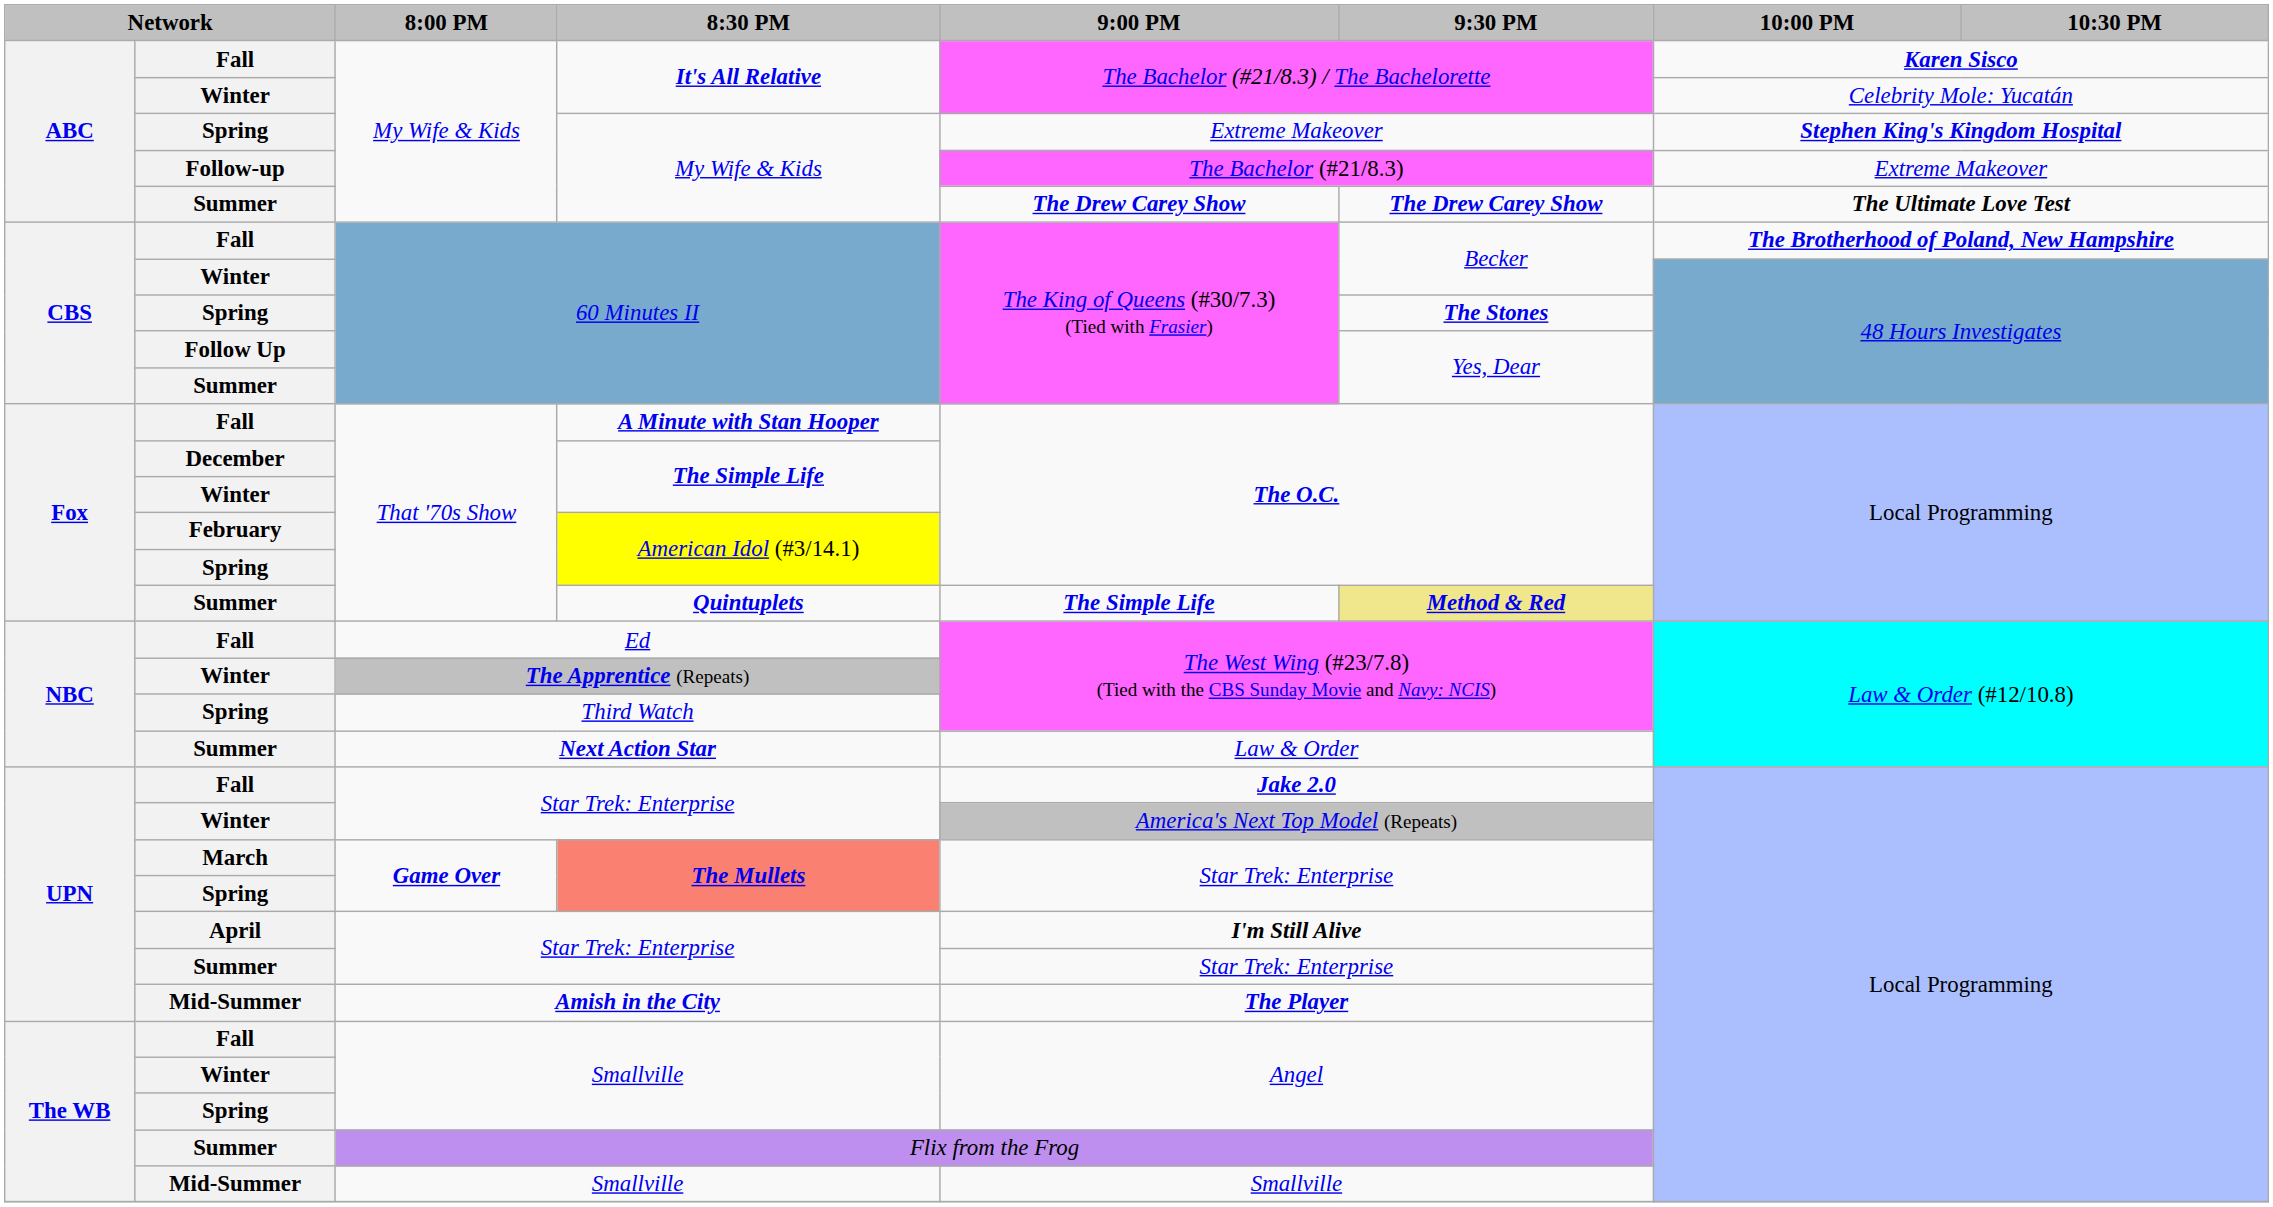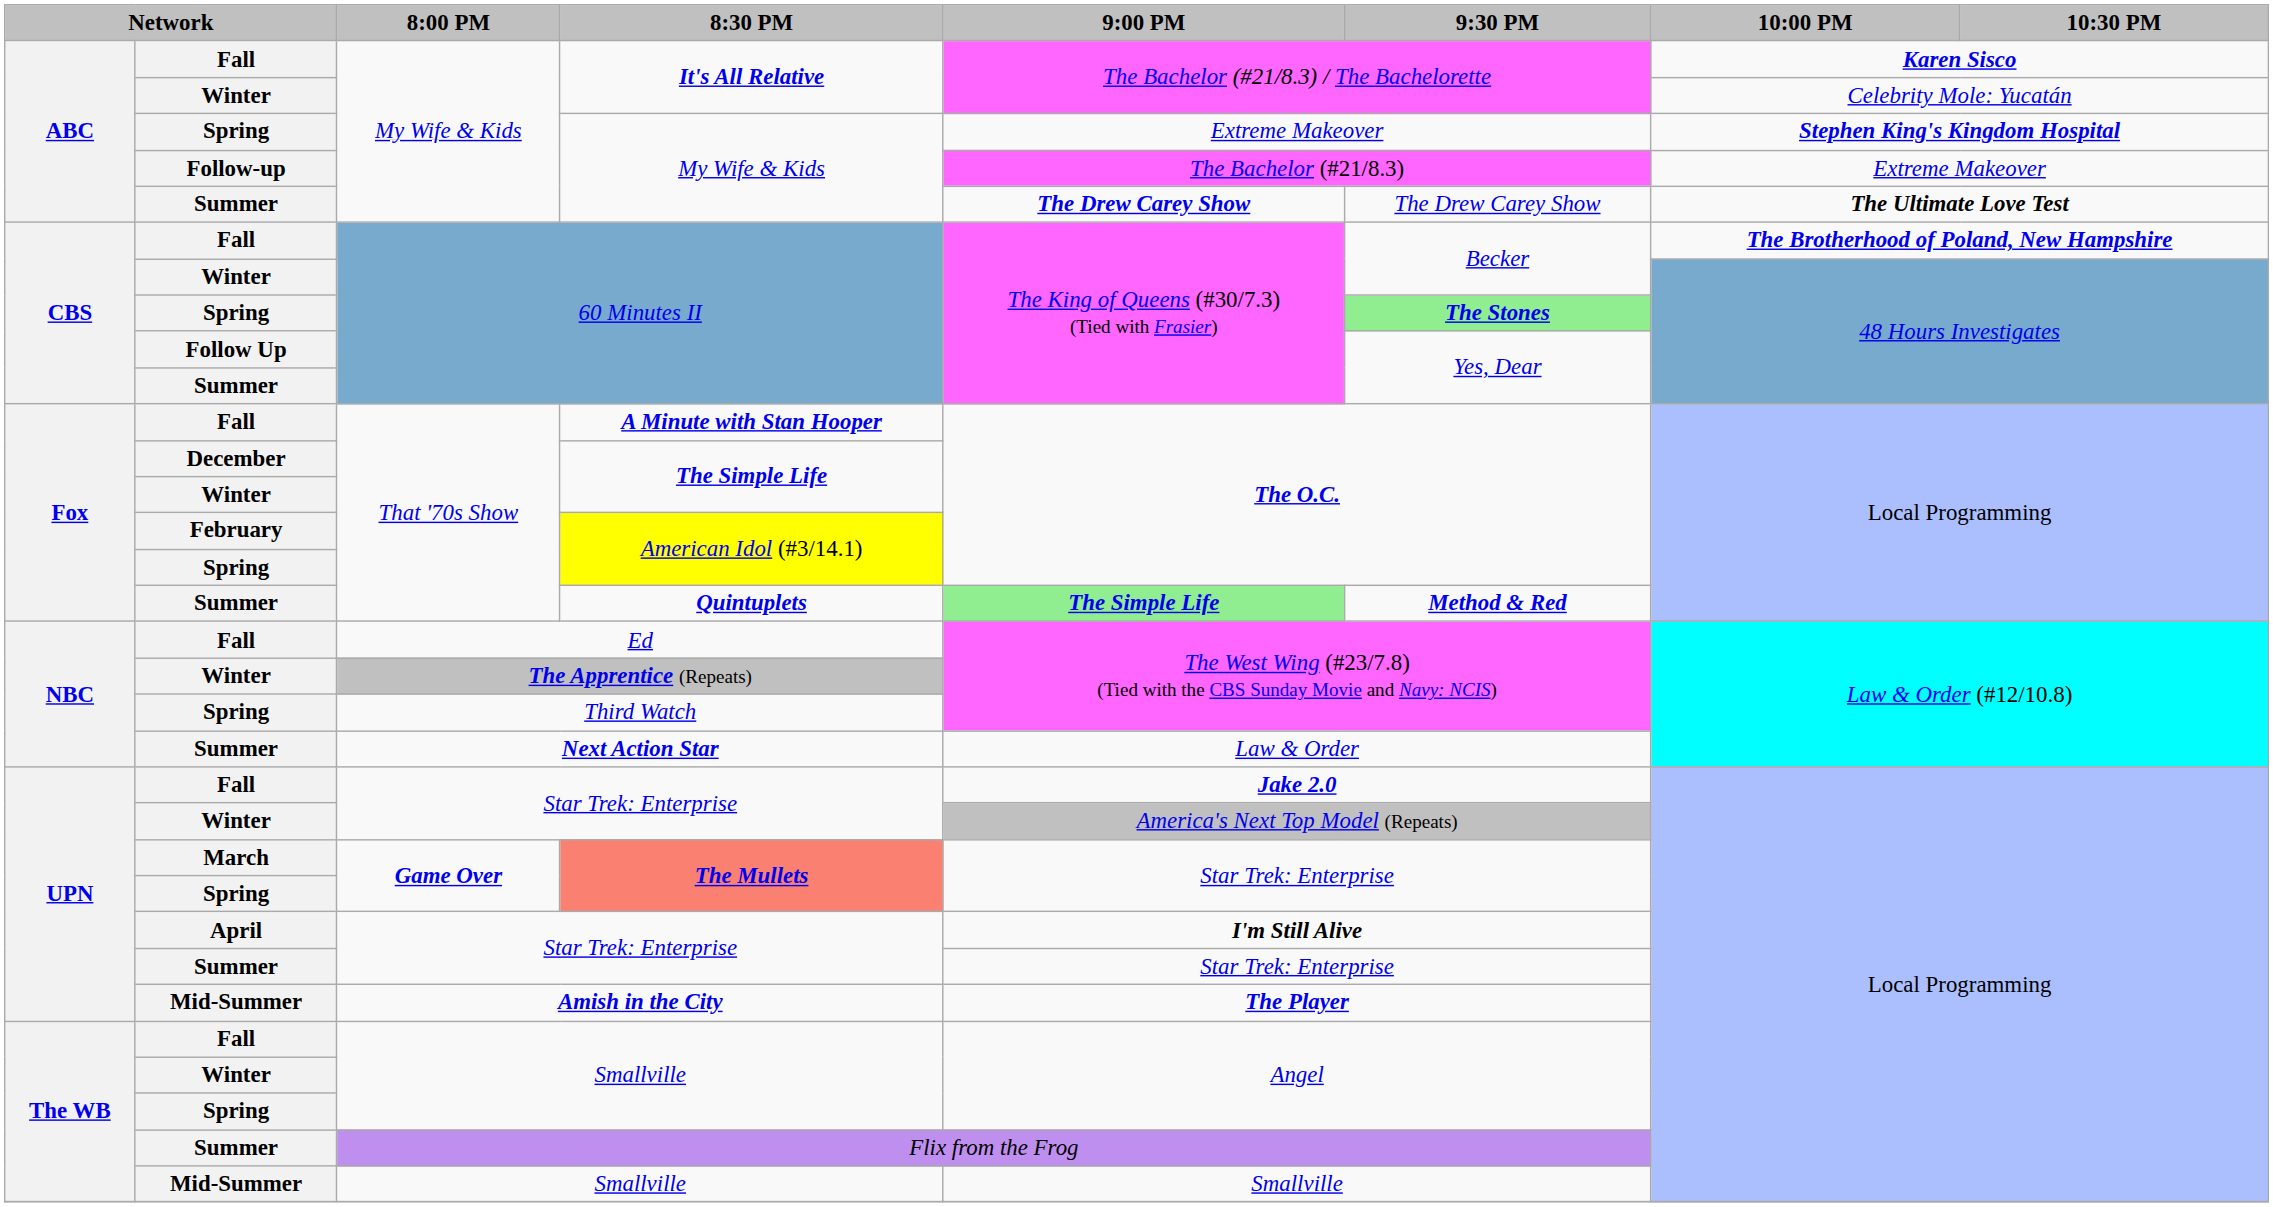 <table class="wikitable" style="width:100%;margin-right:0;text-align:center">
 <tr>
 <th colspan="2" style="background-color:#C0C0C0;text-align:center">Network</th>
 <th style="background-color:#C0C0C0;text-align:center">8:00 PM</th>
 <th style="background-color:#C0C0C0;text-align:center">8:30 PM</th>
 <th style="background-color:#C0C0C0;text-align:center">9:00 PM</th>
 <th style="background-color:#C0C0C0;text-align:center">9:30 PM</th>
 <th style="background-color:#C0C0C0;text-align:center">10:00 PM</th>
 <th style="background-color:#C0C0C0;text-align:center">10:30 PM</th>
 </tr>
 <tr>
 <th rowspan="5"><a href='#'>ABC</a></th>
 <th>Fall</th>
 <td rowspan="5"><em><a href='#'>My Wife & Kids</a></em></td>
 <td rowspan="2"><strong><em><a href='#'>It's All Relative</a></em></strong></td>
 <td bgcolor="#FF66FF" colspan="2" rowspan="2"><em><a href='#'>The Bachelor</a> (#21/8.3) / <a href='#'>The Bachelorette</a></em></td>
 <td colspan="2"><strong><em><a href='#'>Karen Sisco</a></em></strong></td>
 </tr>
 <tr>
 <th>Winter</th>
 <td colspan="2"><em><a href='#'>Celebrity Mole: Yucatán</a></em></td>
 </tr>
 <tr>
 <th>Spring</th>
 <td rowspan="3"><em><a href='#'>My Wife & Kids</a></em></td>
 <td colspan="2"><em><a href='#'>Extreme Makeover</a></em></td>
 <td colspan="2"><strong><em><a href='#'>Stephen King's Kingdom Hospital</a></em></strong></td>
 </tr>
 <tr>
 <th>Follow-up</th>
 <td bgcolor="#FF66FF" colspan="2"><em><a href='#'>The Bachelor</a></em> (#21/8.3)</td>
 <td colspan="2"><em><a href='#'>Extreme Makeover</a></em></td>
 </tr>
 <tr>
 <th>Summer</th>
 <td><strong><em><a href='#'>The Drew Carey Show</a></em></strong></td>
-<td><strong><em><a href='#'>The Drew Carey Show</a></em></strong></td>
+<td><em><a href='#'>The Drew Carey Show</a></em></td>
 <td colspan="2"><strong><em>The Ultimate Love Test</em></strong></td>
 </tr>
 <tr>
 <th rowspan="5"><a href='#'>CBS</a></th>
 <th>Fall</th>
 <td colspan="2" bgcolor="#77AACC" rowspan="5"><em><a href='#'>60 Minutes II</a></em></td>
 <td bgcolor="#FF66FF" rowspan="5"><em><a href='#'>The King of Queens</a></em> (#30/7.3)<br><small>(Tied with <em><a href='#'>Frasier</a></em>)</small></td>
 <td rowspan="2"><em><a href='#'>Becker</a></em></td>
 <td colspan="2"><strong><em><a href='#'>The Brotherhood of Poland, New Hampshire</a></em></strong></td>
 </tr>
 <tr>
 <th>Winter</th>
 <td colspan="2" bgcolor="#77AACC" rowspan="4"><em><a href='#'>48 Hours Investigates</a></em></td>
 </tr>
 <tr>
 <th>Spring</th>
-<td><strong><em><a href='#'>The Stones</a></em></strong></td>
+<td style="background: lightgreen;"><strong><em><a href='#'>The Stones</a></em></strong></td>
 </tr>
 <tr>
 <th>Follow Up</th>
 <td rowspan="2"><em><a href='#'>Yes, Dear</a></em></td>
 </tr>
 <tr>
 <th>Summer</th>
 </tr>
 <tr>
 <th rowspan="6"><a href='#'>Fox</a></th>
 <th>Fall</th>
 <td rowspan="6"><em><a href='#'>That '70s Show</a></em></td>
 <td><strong><em><a href='#'>A Minute with Stan Hooper</a></em></strong></td>
 <td rowspan="5" colspan="2"><strong><em><a href='#'>The O.C.</a></em></strong></td>
 <td bgcolor="#abbfff" colspan="2" rowspan="6">Local Programming</td>
 </tr>
 <tr>
 <th>December</th>
 <td rowspan="2"><strong><em><a href='#'>The Simple Life</a></em></strong></td>
 </tr>
 <tr>
 <th>Winter</th>
 </tr>
 <tr>
 <th>February</th>
 <td bgcolor="#FFFF00" rowspan="2"><em><a href='#'>American Idol</a></em> (#3/14.1)</td>
 </tr>
 <tr>
 <th>Spring</th>
 </tr>
 <tr>
 <th>Summer</th>
 <td><strong><em><a href='#'>Quintuplets</a></em></strong></td>
-<td><strong><em><a href='#'>The Simple Life</a></em></strong></td>
-<td style="background: khaki;"><strong><em><a href='#'>Method & Red</a></em></strong></td>
+<td style="background: lightgreen;"><strong><em><a href='#'>The Simple Life</a></em></strong></td>
+<td><strong><em><a href='#'>Method & Red</a></em></strong></td>
 </tr>
 <tr>
 <th rowspan="4"><a href='#'>NBC</a></th>
 <th>Fall</th>
 <td colspan="2"><em><a href='#'>Ed</a></em></td>
 <td bgcolor="#FF66FF" colspan="2" rowspan="3"><em><a href='#'>The West Wing</a></em> (#23/7.8)<br><small>(Tied with the <a href='#'>CBS Sunday Movie</a> and <em><a href='#'>Navy: NCIS</a></em>)</small></td>
 <td bgcolor="#00FFFF" colspan="2" rowspan="4"><em><a href='#'>Law & Order</a></em> (#12/10.8)</td>
 </tr>
 <tr>
 <th>Winter</th>
 <td bgcolor="#C0C0C0" colspan="2"><strong><em><a href='#'>The Apprentice</a></em></strong> <small>(Repeats)</small></td>
 </tr>
 <tr>
 <th>Spring</th>
 <td colspan="2"><em><a href='#'>Third Watch</a></em></td>
 </tr>
 <tr>
 <th>Summer</th>
 <td colspan="2"><strong><em><a href='#'>Next Action Star</a></em></strong></td>
 <td colspan="2"><em><a href='#'>Law & Order</a></em></td>
 </tr>
 <tr>
 <th rowspan="7"><a href='#'>UPN</a></th>
 <th>Fall</th>
 <td colspan="2" rowspan="2"><em><a href='#'>Star Trek: Enterprise</a></em></td>
 <td colspan="2"><strong><em><a href='#'>Jake 2.0</a></em></strong></td>
 <td bgcolor="#abbfff" colspan="2" rowspan="12">Local Programming</td>
 </tr>
 <tr>
 <th>Winter</th>
 <td bgcolor="#C0C0C0" colspan="2"><em><a href='#'>America's Next Top Model</a></em> <small>(Repeats)</small></td>
 </tr>
 <tr>
 <th>March</th>
 <td rowspan="2"><strong><em><a href='#'>Game Over</a></em></strong></td>
 <td bgcolor="#FA8072" rowspan="2"><strong><em><a href='#'>The Mullets</a></em></strong></td>
 <td colspan="2" rowspan="2"><em><a href='#'>Star Trek: Enterprise</a></em></td>
 </tr>
 <tr>
 <th>Spring</th>
 </tr>
 <tr>
 <th>April</th>
 <td colspan="2" rowspan="2"><em><a href='#'>Star Trek: Enterprise</a></em></td>
 <td colspan="2"><strong><em>I'm Still Alive</em></strong></td>
 </tr>
 <tr>
 <th>Summer</th>
 <td colspan="2"><em><a href='#'>Star Trek: Enterprise</a></em></td>
 </tr>
 <tr>
 <th>Mid-Summer</th>
 <td colspan="2"><strong><em><a href='#'>Amish in the City</a></em></strong></td>
 <td colspan="2"><strong><em><a href='#'>The Player</a></em></strong></td>
 </tr>
 <tr>
 <th rowspan="5"><a href='#'>The WB</a></th>
 <th>Fall</th>
 <td colspan="2" rowspan="3"><em><a href='#'>Smallville</a></em></td>
 <td colspan="2" rowspan="3"><em><a href='#'>Angel</a></em></td>
 </tr>
 <tr>
 <th>Winter</th>
 </tr>
 <tr>
 <th>Spring</th>
 </tr>
 <tr>
 <th>Summer</th>
 <td bgcolor="#bf8fef" colspan="4"><em>Flix from the Frog</em></td>
 </tr>
 <tr>
 <th>Mid-Summer</th>
 <td colspan="2"><em><a href='#'>Smallville</a></em></td>
 <td colspan="2"><em><a href='#'>Smallville</a></em></td>
 </tr>
 <tr>
 </tr>
 </table>
